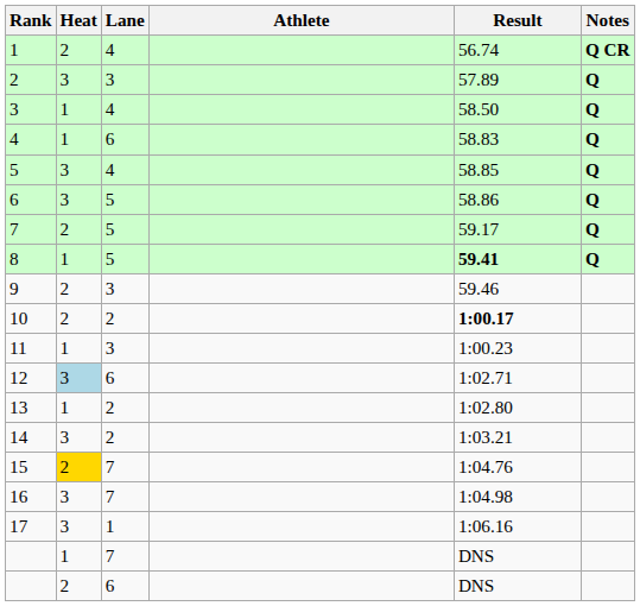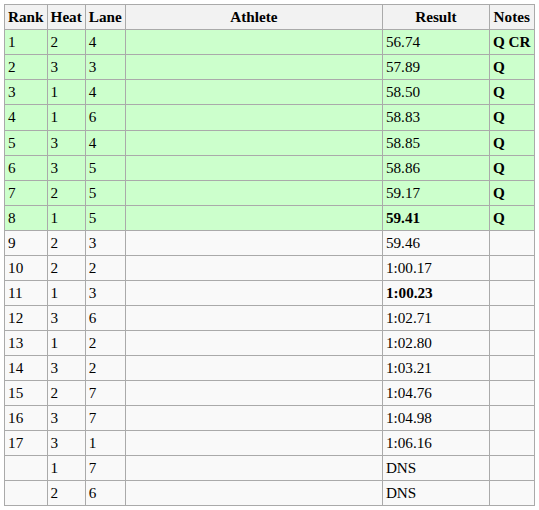 <table class="wikitable" style="font-size:95%" style="width:35em;" style="text-align:center">
 <tr>
 <th>Rank</th>
 <th>Heat</th>
 <th>Lane</th>
 <th width=250>Athlete</th>
 <th width=100>Result</th>
 <th>Notes</th>
 </tr>
 <tr bgcolor=ccffcc>
 <td>1</td>
 <td>2</td>
 <td>4</td>
 <td align=left></td>
 <td>56.74</td>
 <td><strong>Q CR</strong></td>
 </tr>
 <tr bgcolor=ccffcc>
 <td>2</td>
 <td>3</td>
 <td>3</td>
 <td align=left></td>
 <td>57.89</td>
 <td><strong>Q</strong></td>
 </tr>
 <tr bgcolor=ccffcc>
 <td>3</td>
 <td>1</td>
 <td>4</td>
 <td align=left></td>
 <td>58.50</td>
 <td><strong>Q</strong></td>
 </tr>
 <tr bgcolor=ccffcc>
 <td>4</td>
 <td>1</td>
 <td>6</td>
 <td align=left></td>
 <td>58.83</td>
 <td><strong>Q</strong></td>
 </tr>
 <tr bgcolor=ccffcc>
 <td>5</td>
 <td>3</td>
 <td>4</td>
 <td align=left></td>
 <td>58.85</td>
 <td><strong>Q</strong></td>
 </tr>
 <tr bgcolor=ccffcc>
 <td>6</td>
 <td>3</td>
 <td>5</td>
 <td align=left></td>
 <td>58.86</td>
 <td><strong>Q</strong></td>
 </tr>
 <tr bgcolor=ccffcc>
 <td>7</td>
 <td>2</td>
 <td>5</td>
 <td align=left></td>
 <td>59.17</td>
 <td><strong>Q</strong></td>
 </tr>
 <tr bgcolor=ccffcc>
 <td>8</td>
 <td>1</td>
 <td>5</td>
 <td align=left></td>
 <td><strong>59.41</strong></td>
 <td><strong>Q</strong></td>
 </tr>
 <tr>
 <td>9</td>
 <td>2</td>
 <td>3</td>
 <td align=left></td>
 <td>59.46</td>
 <td></td>
 </tr>
 <tr>
 <td>10</td>
 <td>2</td>
 <td>2</td>
 <td align=left></td>
-<td><strong>1:00.17</strong></td>
+<td>1:00.17</td>
 <td></td>
 </tr>
 <tr>
 <td>11</td>
 <td>1</td>
 <td>3</td>
 <td align=left></td>
-<td>1:00.23</td>
+<td><strong>1:00.23</strong></td>
 <td></td>
 </tr>
 <tr>
 <td>12</td>
-<td style="background: lightblue;">3</td>
+<td>3</td>
 <td>6</td>
 <td align=left></td>
 <td>1:02.71</td>
 <td></td>
 </tr>
 <tr>
 <td>13</td>
 <td>1</td>
 <td>2</td>
 <td align=left></td>
 <td>1:02.80</td>
 <td></td>
 </tr>
 <tr>
 <td>14</td>
 <td>3</td>
 <td>2</td>
 <td align=left></td>
 <td>1:03.21</td>
 <td></td>
 </tr>
 <tr>
 <td>15</td>
-<td style="background: gold;">2</td>
+<td>2</td>
 <td>7</td>
 <td align=left></td>
 <td>1:04.76</td>
 <td></td>
 </tr>
 <tr>
 <td>16</td>
 <td>3</td>
 <td>7</td>
 <td align=left></td>
 <td>1:04.98</td>
 <td></td>
 </tr>
 <tr>
 <td>17</td>
 <td>3</td>
 <td>1</td>
 <td align=left></td>
 <td>1:06.16</td>
 <td></td>
 </tr>
 <tr>
 <td></td>
 <td>1</td>
 <td>7</td>
 <td align=left></td>
 <td>DNS</td>
 <td></td>
 </tr>
 <tr>
 <td></td>
 <td>2</td>
 <td>6</td>
 <td align=left></td>
 <td>DNS</td>
 <td></td>
 </tr>
 <tr>
 </tr>
 </table>
